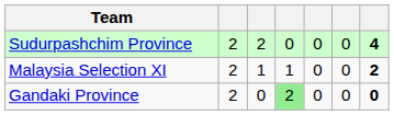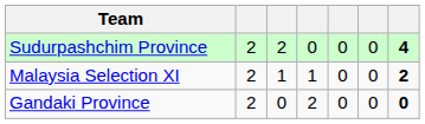 <table class="wikitable" style="text-align:center">
 <tr>
 <th style="width:200px">Team</th>
 <th width="20"></th>
 <th width="20"></th>
 <th width="20"></th>
 <th width="20"></th>
 <th width="20"></th>
 <th width="20"></th>
 </tr>
 <tr style="background:#cfc">
 <td style="text-align:left"><a href='#'>Sudurpashchim Province</a></td>
 <td>2</td>
 <td>2</td>
 <td>0</td>
 <td>0</td>
 <td>0</td>
 <td><strong>4</strong></td>
 </tr>
 <tr>
 <td style="text-align:left"><a href='#'>Malaysia Selection XI</a></td>
 <td>2</td>
 <td>1</td>
 <td>1</td>
 <td>0</td>
 <td>0</td>
 <td><strong>2</strong></td>
 </tr>
 <tr>
 <td style="text-align:left"><a href='#'>Gandaki Province</a></td>
 <td>2</td>
 <td>0</td>
-<td style="background: lightgreen;">2</td>
+<td>2</td>
 <td>0</td>
 <td>0</td>
 <td><strong>0</strong></td>
 </tr>
 </table>
